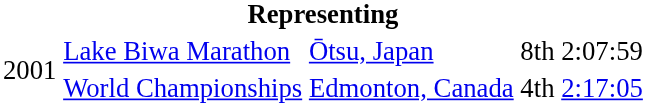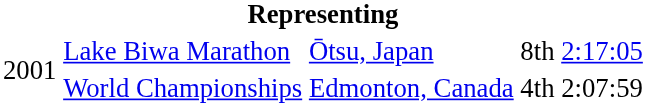 <table>
 <tr>
 <th colspan="5">Representing </th>
 </tr>
 <tr>
 <td rowspan=2>2001</td>
 <td><a href='#'>Lake Biwa Marathon</a></td>
 <td><a href='#'>Ōtsu, Japan</a></td>
 <td>8th</td>
-<td>2:07:59</td>
+<td><a href='#'>2:17:05</a></td>
 </tr>
 <tr>
 <td><a href='#'>World Championships</a></td>
 <td><a href='#'>Edmonton, Canada</a></td>
 <td>4th</td>
-<td><a href='#'>2:17:05</a></td>
+<td>2:07:59</td>
 </tr>
 </table>
